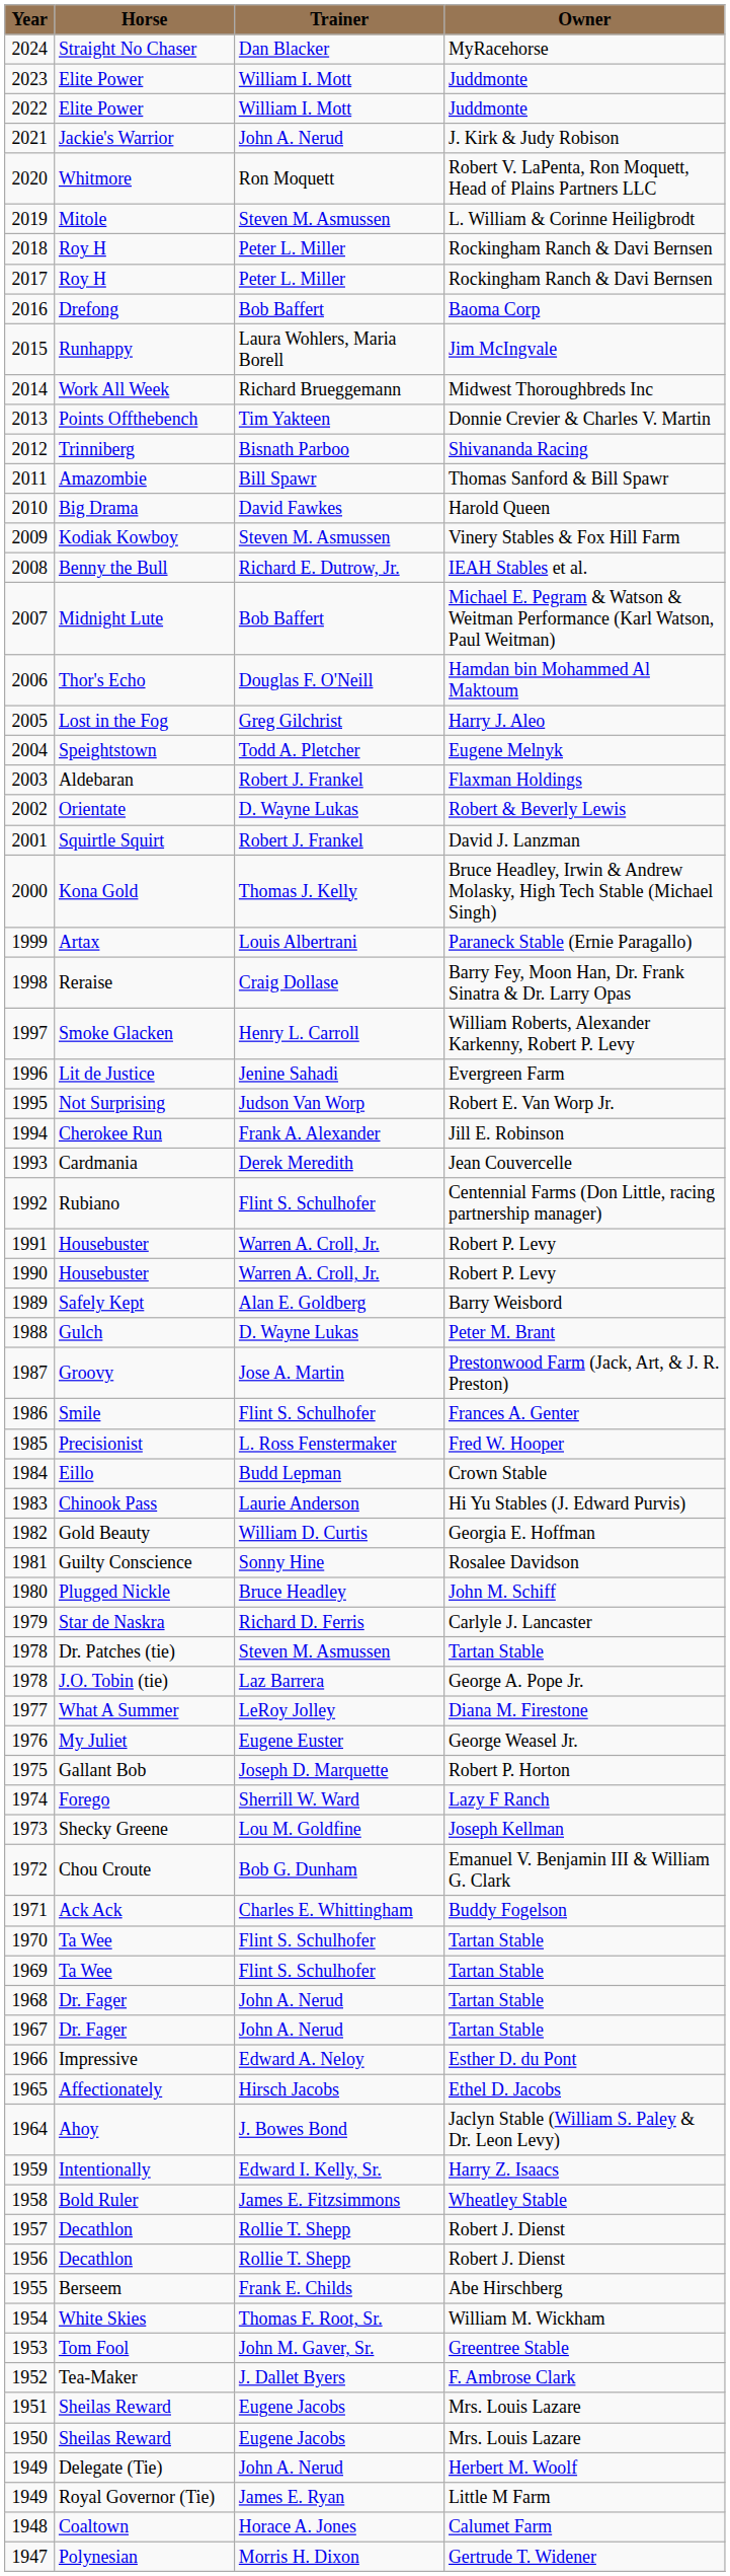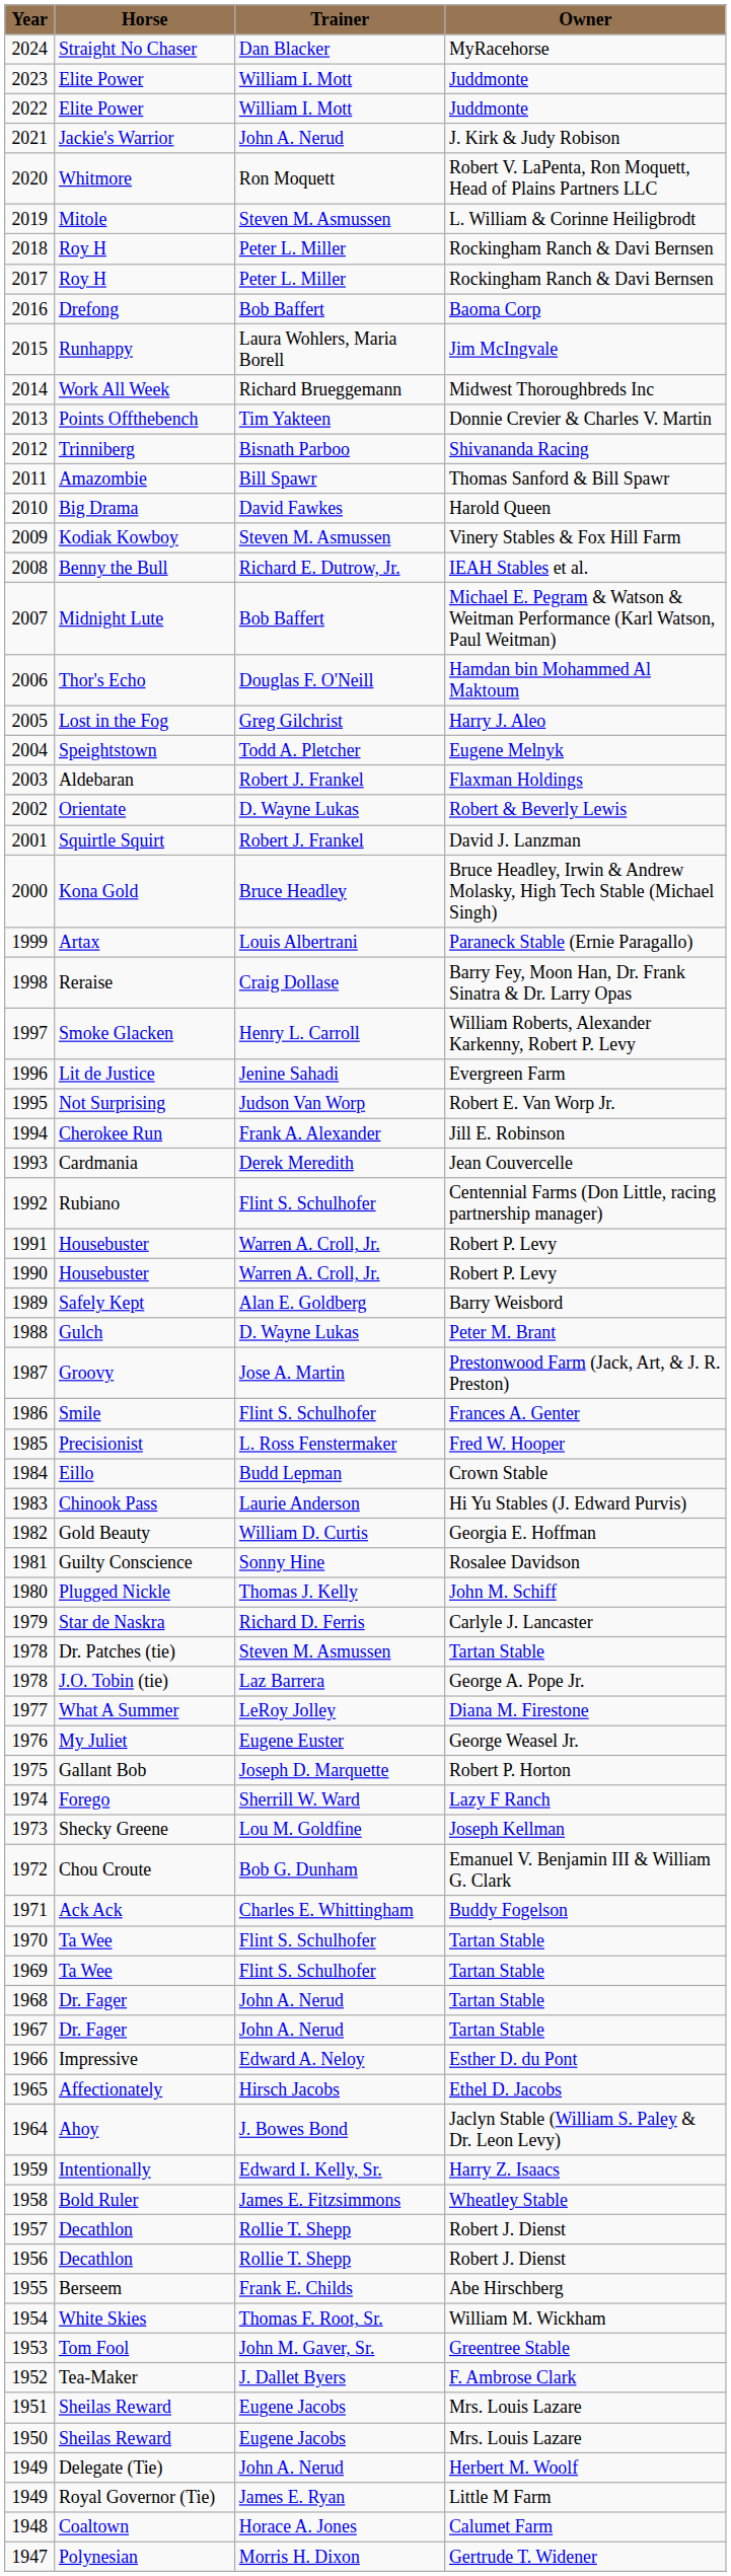 <table class = "wikitable sortable" | border="1" cellpadding="0" style="border-collapse: collapse; font-size:95%">
 <tr bgcolor="#987654" align="center">
 <td width="35px"><strong>Year</strong><br></td>
 <td width="145px"><strong>Horse</strong><br></td>
 <td width="170px"><strong>Trainer</strong><br></td>
 <td><strong>Owner</strong></td>
 </tr>
 <tr>
 <td align=center>2024</td>
 <td><a href='#'> Straight No Chaser</a></td>
 <td><a href='#'>Dan Blacker</a></td>
 <td>MyRacehorse</td>
 </tr>
 <tr>
 <td align=center>2023</td>
 <td><a href='#'>Elite Power</a></td>
 <td><a href='#'>William I. Mott</a></td>
 <td><a href='#'>Juddmonte</a></td>
 </tr>
 <tr>
 <td align=center>2022</td>
 <td><a href='#'>Elite Power</a></td>
 <td><a href='#'>William I. Mott</a></td>
 <td><a href='#'>Juddmonte</a></td>
 </tr>
 <tr>
 <td align=center>2021</td>
 <td><a href='#'>Jackie's Warrior</a></td>
 <td><a href='#'>John A. Nerud</a></td>
 <td>J. Kirk & Judy Robison</td>
 </tr>
 <tr>
 <td align=center>2020</td>
 <td><a href='#'>Whitmore</a></td>
 <td>Ron Moquett</td>
 <td>Robert V. LaPenta, Ron Moquett, Head of Plains Partners LLC</td>
 </tr>
 <tr>
 <td align=center>2019</td>
 <td><a href='#'>Mitole</a></td>
 <td><a href='#'>Steven M. Asmussen</a></td>
 <td>L. William & Corinne Heiligbrodt</td>
 </tr>
 <tr>
 <td align=center>2018</td>
 <td><a href='#'>Roy H</a></td>
 <td><a href='#'>Peter L. Miller</a></td>
 <td>Rockingham Ranch & Davi Bernsen</td>
 </tr>
 <tr>
 <td align=center>2017</td>
 <td><a href='#'>Roy H</a></td>
 <td><a href='#'>Peter L. Miller</a></td>
 <td>Rockingham Ranch & Davi Bernsen</td>
 </tr>
 <tr>
 <td align=center>2016</td>
 <td><a href='#'>Drefong</a></td>
 <td><a href='#'>Bob Baffert</a></td>
 <td><a href='#'>Baoma Corp</a></td>
 </tr>
 <tr>
 <td align=center>2015</td>
 <td><a href='#'>Runhappy</a></td>
 <td>Laura Wohlers, Maria Borell</td>
 <td><a href='#'>Jim McIngvale</a></td>
 </tr>
 <tr>
 <td align=center>2014</td>
 <td><a href='#'>Work All Week</a></td>
 <td>Richard Brueggemann</td>
 <td>Midwest Thoroughbreds Inc</td>
 </tr>
 <tr>
 <td align=center>2013</td>
 <td><a href='#'>Points Offthebench</a></td>
 <td><a href='#'>Tim Yakteen</a></td>
 <td>Donnie Crevier & Charles V. Martin</td>
 </tr>
 <tr>
 <td align=center>2012</td>
 <td><a href='#'>Trinniberg</a></td>
 <td><a href='#'>Bisnath Parboo</a></td>
 <td><a href='#'>Shivananda Racing</a></td>
 </tr>
 <tr>
 <td align=center>2011</td>
 <td><a href='#'>Amazombie</a></td>
 <td><a href='#'>Bill Spawr</a></td>
 <td>Thomas Sanford & Bill Spawr</td>
 </tr>
 <tr>
 <td align=center>2010</td>
 <td><a href='#'>Big Drama</a></td>
 <td><a href='#'>David Fawkes</a></td>
 <td>Harold Queen</td>
 </tr>
 <tr>
 <td align=center>2009</td>
 <td><a href='#'>Kodiak Kowboy</a></td>
 <td><a href='#'>Steven M. Asmussen</a></td>
 <td>Vinery Stables & Fox Hill Farm</td>
 </tr>
 <tr>
 <td align=center>2008</td>
 <td><a href='#'>Benny the Bull</a></td>
 <td><a href='#'>Richard E. Dutrow, Jr.</a></td>
 <td><a href='#'>IEAH Stables</a> et al.</td>
 </tr>
 <tr>
 <td align=center>2007</td>
 <td><a href='#'>Midnight Lute</a></td>
 <td><a href='#'>Bob Baffert</a></td>
 <td><a href='#'>Michael E. Pegram</a> & Watson & Weitman Performance (Karl Watson, Paul Weitman)</td>
 </tr>
 <tr>
 <td align=center>2006</td>
 <td><a href='#'>Thor's Echo</a></td>
 <td><a href='#'>Douglas F. O'Neill</a></td>
 <td><a href='#'>Hamdan bin Mohammed Al Maktoum</a></td>
 </tr>
 <tr>
 <td align=center>2005</td>
 <td><a href='#'>Lost in the Fog</a></td>
 <td><a href='#'>Greg Gilchrist</a></td>
 <td><a href='#'>Harry J. Aleo</a></td>
 </tr>
 <tr>
 <td align=center>2004</td>
 <td><a href='#'>Speightstown</a></td>
 <td><a href='#'>Todd A. Pletcher</a></td>
 <td><a href='#'>Eugene Melnyk</a></td>
 </tr>
 <tr>
 <td align=center>2003</td>
 <td>Aldebaran</td>
 <td><a href='#'>Robert J. Frankel</a></td>
 <td><a href='#'>Flaxman Holdings</a></td>
 </tr>
 <tr>
 <td align=center>2002</td>
 <td><a href='#'>Orientate</a></td>
 <td><a href='#'>D. Wayne Lukas</a></td>
 <td><a href='#'>Robert & Beverly Lewis</a></td>
 </tr>
 <tr>
 <td align=center>2001</td>
 <td><a href='#'>Squirtle Squirt</a></td>
 <td><a href='#'>Robert J. Frankel</a></td>
 <td>David J. Lanzman</td>
 </tr>
 <tr>
 <td align=center>2000</td>
 <td><a href='#'>Kona Gold</a></td>
-<td><a href='#'>Thomas J. Kelly</a></td>
+<td><a href='#'>Bruce Headley</a></td>
 <td>Bruce Headley, Irwin & Andrew Molasky, High Tech Stable (Michael Singh)</td>
 </tr>
 <tr>
 <td align=center>1999</td>
 <td><a href='#'>Artax</a></td>
 <td><a href='#'>Louis Albertrani</a></td>
 <td><a href='#'>Paraneck Stable</a> (Ernie Paragallo)</td>
 </tr>
 <tr>
 <td align=center>1998</td>
 <td>Reraise</td>
 <td><a href='#'>Craig Dollase</a></td>
 <td>Barry Fey, Moon Han, Dr. Frank Sinatra & Dr. Larry Opas</td>
 </tr>
 <tr>
 <td align=center>1997</td>
 <td><a href='#'>Smoke Glacken</a></td>
 <td><a href='#'>Henry L. Carroll</a></td>
 <td>William Roberts, Alexander Karkenny, Robert P. Levy</td>
 </tr>
 <tr>
 <td align=center>1996</td>
 <td><a href='#'>Lit de Justice</a></td>
 <td><a href='#'>Jenine Sahadi</a></td>
 <td>Evergreen Farm</td>
 </tr>
 <tr>
 <td align=center>1995</td>
 <td><a href='#'>Not Surprising</a></td>
 <td><a href='#'>Judson Van Worp</a></td>
 <td>Robert E. Van Worp Jr.</td>
 </tr>
 <tr>
 <td align=center>1994</td>
 <td><a href='#'>Cherokee Run</a></td>
 <td><a href='#'>Frank A. Alexander</a></td>
 <td>Jill E. Robinson</td>
 </tr>
 <tr>
 <td align=center>1993</td>
 <td>Cardmania</td>
 <td><a href='#'>Derek Meredith</a></td>
 <td>Jean Couvercelle</td>
 </tr>
 <tr>
 <td align=center>1992</td>
 <td>Rubiano</td>
 <td><a href='#'>Flint S. Schulhofer</a></td>
 <td>Centennial Farms (Don Little, racing partnership manager)</td>
 </tr>
 <tr>
 <td align=center>1991</td>
 <td><a href='#'>Housebuster</a></td>
 <td><a href='#'>Warren A. Croll, Jr.</a></td>
 <td>Robert P. Levy</td>
 </tr>
 <tr>
 <td align=center>1990</td>
 <td><a href='#'>Housebuster</a></td>
 <td><a href='#'>Warren A. Croll, Jr.</a></td>
 <td>Robert P. Levy</td>
 </tr>
 <tr>
 <td align=center>1989</td>
 <td><a href='#'>Safely Kept</a></td>
 <td><a href='#'>Alan E. Goldberg</a></td>
 <td>Barry Weisbord</td>
 </tr>
 <tr>
 <td align=center>1988</td>
 <td><a href='#'>Gulch</a></td>
 <td><a href='#'>D. Wayne Lukas</a></td>
 <td><a href='#'>Peter M. Brant</a></td>
 </tr>
 <tr>
 <td align=center>1987</td>
 <td><a href='#'>Groovy</a></td>
 <td><a href='#'>Jose A. Martin</a></td>
 <td><a href='#'>Prestonwood Farm</a> (Jack, Art, & J. R. Preston)</td>
 </tr>
 <tr>
 <td align=center>1986</td>
 <td><a href='#'>Smile</a></td>
 <td><a href='#'>Flint S. Schulhofer</a></td>
 <td><a href='#'>Frances A. Genter</a></td>
 </tr>
 <tr>
 <td align=center>1985</td>
 <td><a href='#'>Precisionist</a></td>
 <td><a href='#'>L. Ross Fenstermaker</a></td>
 <td><a href='#'>Fred W. Hooper</a></td>
 </tr>
 <tr>
 <td align=center>1984</td>
 <td><a href='#'>Eillo</a></td>
 <td><a href='#'>Budd Lepman</a></td>
 <td>Crown Stable</td>
 </tr>
 <tr>
 <td align=center>1983</td>
 <td><a href='#'>Chinook Pass</a></td>
 <td><a href='#'>Laurie Anderson</a></td>
 <td>Hi Yu Stables (J. Edward Purvis)</td>
 </tr>
 <tr>
 <td align=center>1982</td>
 <td>Gold Beauty</td>
 <td><a href='#'>William D. Curtis</a></td>
 <td>Georgia E. Hoffman</td>
 </tr>
 <tr>
 <td align=center>1981</td>
 <td>Guilty Conscience</td>
 <td><a href='#'>Sonny Hine</a></td>
 <td>Rosalee Davidson</td>
 </tr>
 <tr>
 <td align=center>1980</td>
 <td><a href='#'>Plugged Nickle</a></td>
-<td><a href='#'>Bruce Headley</a></td>
+<td><a href='#'>Thomas J. Kelly</a></td>
 <td><a href='#'>John M. Schiff</a></td>
 </tr>
 <tr>
 <td align=center>1979</td>
 <td><a href='#'>Star de Naskra</a></td>
 <td><a href='#'>Richard D. Ferris</a></td>
 <td>Carlyle J. Lancaster</td>
 </tr>
 <tr>
 <td align=center>1978</td>
 <td>Dr. Patches (tie)</td>
 <td><a href='#'>Steven M. Asmussen</a></td>
 <td><a href='#'>Tartan Stable</a></td>
 </tr>
 <tr>
 <td align=center>1978</td>
 <td><a href='#'>J.O. Tobin</a> (tie)</td>
 <td><a href='#'>Laz Barrera</a></td>
 <td>George A. Pope Jr.</td>
 </tr>
 <tr>
 <td align=center>1977</td>
 <td><a href='#'>What A Summer</a></td>
 <td><a href='#'>LeRoy Jolley</a></td>
 <td><a href='#'>Diana M. Firestone</a></td>
 </tr>
 <tr>
 <td align=center>1976</td>
 <td><a href='#'>My Juliet</a></td>
 <td><a href='#'>Eugene Euster</a></td>
 <td>George Weasel Jr.</td>
 </tr>
 <tr>
 <td align=center>1975</td>
 <td>Gallant Bob</td>
 <td><a href='#'>Joseph D. Marquette</a></td>
 <td>Robert P. Horton</td>
 </tr>
 <tr>
 <td align=center>1974</td>
 <td><a href='#'>Forego</a></td>
 <td><a href='#'>Sherrill W. Ward</a></td>
 <td><a href='#'>Lazy F Ranch</a></td>
 </tr>
 <tr>
 <td align=center>1973</td>
 <td>Shecky Greene</td>
 <td><a href='#'>Lou M. Goldfine</a></td>
 <td><a href='#'>Joseph Kellman</a></td>
 </tr>
 <tr>
 <td align=center>1972</td>
 <td>Chou Croute</td>
 <td><a href='#'>Bob G. Dunham</a></td>
 <td>Emanuel V. Benjamin III & William G. Clark</td>
 </tr>
 <tr>
 <td align=center>1971</td>
 <td><a href='#'>Ack Ack</a></td>
 <td><a href='#'>Charles E. Whittingham</a></td>
 <td><a href='#'>Buddy Fogelson</a></td>
 </tr>
 <tr>
 <td align=center>1970</td>
 <td><a href='#'>Ta Wee</a></td>
 <td><a href='#'>Flint S. Schulhofer</a></td>
 <td><a href='#'>Tartan Stable</a></td>
 </tr>
 <tr>
 <td align=center>1969</td>
 <td><a href='#'>Ta Wee</a></td>
 <td><a href='#'>Flint S. Schulhofer</a></td>
 <td><a href='#'>Tartan Stable</a></td>
 </tr>
 <tr>
 <td align=center>1968</td>
 <td><a href='#'>Dr. Fager</a></td>
 <td><a href='#'>John A. Nerud</a></td>
 <td><a href='#'>Tartan Stable</a></td>
 </tr>
 <tr>
 <td align=center>1967</td>
 <td><a href='#'>Dr. Fager</a></td>
 <td><a href='#'>John A. Nerud</a></td>
 <td><a href='#'>Tartan Stable</a></td>
 </tr>
 <tr>
 <td align=center>1966</td>
 <td>Impressive</td>
 <td><a href='#'>Edward A. Neloy</a></td>
 <td><a href='#'>Esther D. du Pont</a></td>
 </tr>
 <tr>
 <td align=center>1965</td>
 <td><a href='#'>Affectionately</a></td>
 <td><a href='#'>Hirsch Jacobs</a></td>
 <td><a href='#'>Ethel D. Jacobs</a></td>
 </tr>
 <tr>
 <td align=center>1964</td>
 <td><a href='#'>Ahoy</a></td>
 <td><a href='#'>J. Bowes Bond</a></td>
 <td>Jaclyn Stable (<a href='#'>William S. Paley</a> & Dr. Leon Levy)</td>
 </tr>
 <tr>
 <td align=center>1959</td>
 <td><a href='#'>Intentionally</a></td>
 <td><a href='#'>Edward I. Kelly, Sr.</a></td>
 <td><a href='#'>Harry Z. Isaacs</a></td>
 </tr>
 <tr>
 <td align=center>1958</td>
 <td><a href='#'>Bold Ruler</a></td>
 <td><a href='#'>James E. Fitzsimmons</a></td>
 <td><a href='#'>Wheatley Stable</a></td>
 </tr>
 <tr>
 <td align=center>1957</td>
 <td><a href='#'>Decathlon</a></td>
 <td><a href='#'>Rollie T. Shepp</a></td>
 <td>Robert J. Dienst</td>
 </tr>
 <tr>
 <td align=center>1956</td>
 <td><a href='#'>Decathlon</a></td>
 <td><a href='#'>Rollie T. Shepp</a></td>
 <td>Robert J. Dienst</td>
 </tr>
 <tr>
 <td align=center>1955</td>
 <td>Berseem</td>
 <td><a href='#'>Frank E. Childs</a></td>
 <td>Abe Hirschberg</td>
 </tr>
 <tr>
 <td align=center>1954</td>
 <td><a href='#'>White Skies</a></td>
 <td><a href='#'>Thomas F. Root, Sr.</a></td>
 <td>William M. Wickham</td>
 </tr>
 <tr>
 <td align=center>1953</td>
 <td><a href='#'>Tom Fool</a></td>
 <td><a href='#'>John M. Gaver, Sr.</a></td>
 <td><a href='#'>Greentree Stable</a></td>
 </tr>
 <tr>
 <td align=center>1952</td>
 <td>Tea-Maker</td>
 <td><a href='#'>J. Dallet Byers</a></td>
 <td><a href='#'>F. Ambrose Clark</a></td>
 </tr>
 <tr>
 <td align=center>1951</td>
 <td><a href='#'>Sheilas Reward</a></td>
 <td><a href='#'>Eugene Jacobs</a></td>
 <td>Mrs. Louis Lazare</td>
 </tr>
 <tr>
 <td align=center>1950</td>
 <td><a href='#'>Sheilas Reward</a></td>
 <td><a href='#'>Eugene Jacobs</a></td>
 <td>Mrs. Louis Lazare</td>
 </tr>
 <tr>
 <td align=center>1949</td>
 <td>Delegate  (Tie)</td>
 <td><a href='#'>John A. Nerud</a></td>
 <td><a href='#'>Herbert M. Woolf</a></td>
 </tr>
 <tr>
 <td align=center>1949</td>
 <td>Royal Governor (Tie)</td>
 <td><a href='#'>James E. Ryan</a></td>
 <td>Little M Farm</td>
 </tr>
 <tr>
 <td align=center>1948</td>
 <td><a href='#'>Coaltown</a></td>
 <td><a href='#'>Horace A. Jones</a></td>
 <td><a href='#'>Calumet Farm</a></td>
 </tr>
 <tr>
 <td align=center>1947</td>
 <td><a href='#'>Polynesian</a></td>
 <td><a href='#'>Morris H. Dixon</a></td>
 <td><a href='#'>Gertrude T. Widener</a></td>
 </tr>
 <tr>
 </tr>
 </table>
